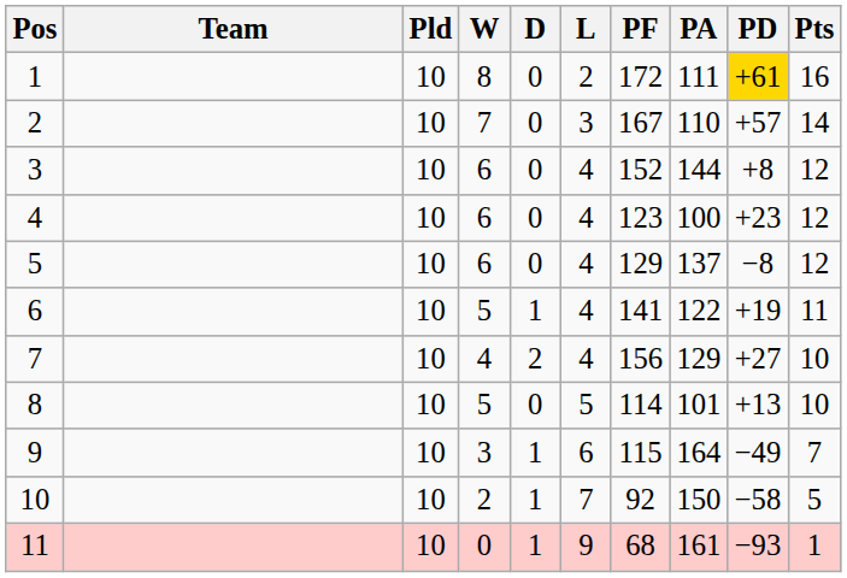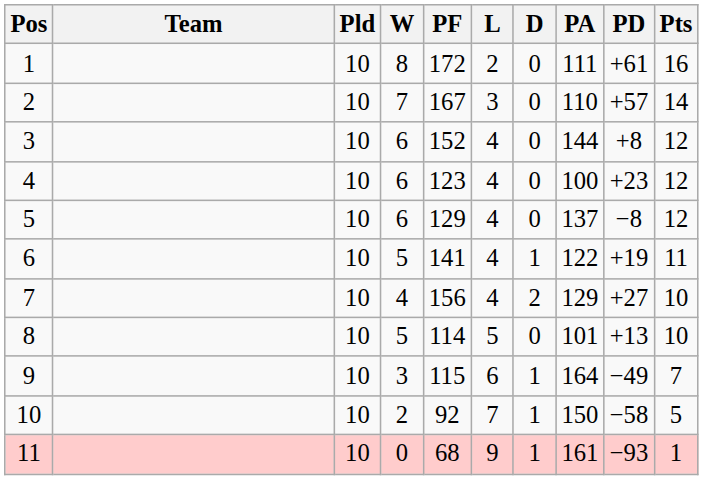 <table class="wikitable" style="text-align:center">
 <tr>
 <th width=20 abbr="Position">Pos</th>
 <th width=175>Team</th>
 <th width=20 abbr="Played">Pld</th>
 <th width=20 abbr="Won">W</th>
+<th width=20 abbr="Points for">PF</th>
+<th width=20 abbr="Lost">L</th>
 <th width=20 abbr="Drawn">D</th>
-<th width=20 abbr="Lost">L</th>
-<th width=20 abbr="Points for">PF</th>
 <th width=20 abbr="Points against">PA</th>
 <th width=25 abbr="Points difference">PD</th>
 <th width=20 abbr="Points">Pts</th>
 </tr>
 <tr>
 <td>1</td>
 <td style="text-align:left"></td>
 <td>10</td>
 <td>8</td>
+<td>172</td>
+<td>2</td>
 <td>0</td>
-<td>2</td>
-<td>172</td>
 <td>111</td>
-<td style="background: gold;">+61</td>
+<td>+61</td>
 <td>16</td>
 </tr>
 <tr>
 <td>2</td>
 <td style="text-align:left"></td>
 <td>10</td>
 <td>7</td>
+<td>167</td>
+<td>3</td>
 <td>0</td>
-<td>3</td>
-<td>167</td>
 <td>110</td>
 <td>+57</td>
 <td>14</td>
 </tr>
 <tr>
 <td>3</td>
 <td style="text-align:left"></td>
 <td>10</td>
 <td>6</td>
+<td>152</td>
+<td>4</td>
 <td>0</td>
-<td>4</td>
-<td>152</td>
 <td>144</td>
 <td>+8</td>
 <td>12</td>
 </tr>
 <tr>
 <td>4</td>
 <td style="text-align:left"></td>
 <td>10</td>
 <td>6</td>
+<td>123</td>
+<td>4</td>
 <td>0</td>
-<td>4</td>
-<td>123</td>
 <td>100</td>
 <td>+23</td>
 <td>12</td>
 </tr>
 <tr>
 <td>5</td>
 <td style="text-align:left"></td>
 <td>10</td>
 <td>6</td>
+<td>129</td>
+<td>4</td>
 <td>0</td>
-<td>4</td>
-<td>129</td>
 <td>137</td>
 <td>−8</td>
 <td>12</td>
 </tr>
 <tr>
 <td>6</td>
 <td style="text-align:left"></td>
 <td>10</td>
 <td>5</td>
+<td>141</td>
+<td>4</td>
 <td>1</td>
-<td>4</td>
-<td>141</td>
 <td>122</td>
 <td>+19</td>
 <td>11</td>
 </tr>
 <tr>
 <td>7</td>
 <td style="text-align:left"></td>
 <td>10</td>
 <td>4</td>
+<td>156</td>
+<td>4</td>
 <td>2</td>
-<td>4</td>
-<td>156</td>
 <td>129</td>
 <td>+27</td>
 <td>10</td>
 </tr>
 <tr>
 <td>8</td>
 <td style="text-align:left"></td>
 <td>10</td>
 <td>5</td>
+<td>114</td>
+<td>5</td>
 <td>0</td>
-<td>5</td>
-<td>114</td>
 <td>101</td>
 <td>+13</td>
 <td>10</td>
 </tr>
 <tr>
 <td>9</td>
 <td style="text-align:left"></td>
 <td>10</td>
 <td>3</td>
+<td>115</td>
+<td>6</td>
 <td>1</td>
-<td>6</td>
-<td>115</td>
 <td>164</td>
 <td>−49</td>
 <td>7</td>
 </tr>
 <tr>
 <td>10</td>
 <td style="text-align:left"></td>
 <td>10</td>
 <td>2</td>
+<td>92</td>
+<td>7</td>
 <td>1</td>
-<td>7</td>
-<td>92</td>
 <td>150</td>
 <td>−58</td>
 <td>5</td>
 </tr>
 <tr style="background: #ffcccc">
 <td>11</td>
 <td style="text-align:left"></td>
 <td>10</td>
 <td>0</td>
+<td>68</td>
+<td>9</td>
 <td>1</td>
-<td>9</td>
-<td>68</td>
 <td>161</td>
 <td>−93</td>
 <td>1</td>
 </tr>
 </table>
